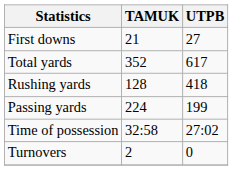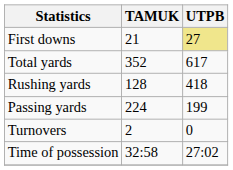 <table class="wikitable" style="float: left;">
 <tr>
 <th>Statistics</th>
 <th>TAMUK</th>
 <th>UTPB</th>
 </tr>
 <tr>
 <td>First downs</td>
 <td>21</td>
-<td>27</td>
+<td style="background: khaki;">27</td>
 </tr>
 <tr>
 <td>Total yards</td>
 <td>352</td>
 <td>617</td>
 </tr>
 <tr>
 <td>Rushing yards</td>
 <td>128</td>
 <td>418</td>
 </tr>
 <tr>
 <td>Passing yards</td>
 <td>224</td>
 <td>199</td>
 </tr>
 <tr>
+<td>Turnovers</td>
+<td>2</td>
+<td>0</td>
+</tr>
+<tr>
 <td>Time of possession</td>
 <td>32:58</td>
 <td>27:02</td>
 </tr>
 <tr>
-<td>Turnovers</td>
-<td>2</td>
-<td>0</td>
-</tr>
-<tr>
 </tr>
 </table>
